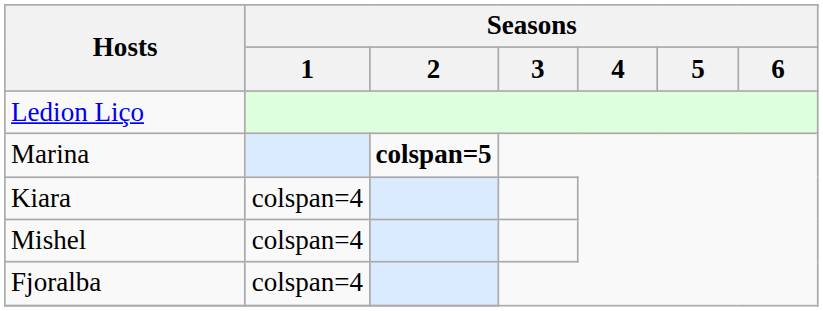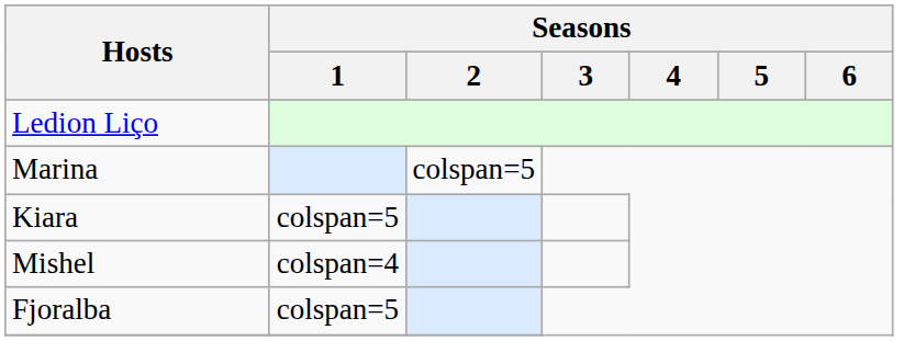 <table class="wikitable" width:"50%">
 <tr>
 <th rowspan="2" width="135">Hosts</th>
 <th colspan="6" style="text-align:center;">Seasons</th>
 </tr>
 <tr>
 <th width="40">1</th>
 <th width="40">2</th>
 <th width="40">3</th>
 <th width="40">4</th>
 <th width="40">5</th>
 <th width="40">6</th>
 </tr>
 <tr>
 <td><a href='#'>Ledion Liço</a></td>
 <td colspan="6" style="text-align:center;background:#ddffdd;"></td>
 </tr>
 <tr>
 <td>Marina</td>
 <td style="text-align:center;background:#DAEBFF;"></td>
-<td><strong>colspan=5 </strong></td>
+<td>colspan=5 </td>
 </tr>
 <tr>
 <td>Kiara</td>
-<td>colspan=4 </td>
+<td>colspan=5 </td>
 <td style="text-align:center;background:#DAEBFF;"></td>
 <td></td>
 </tr>
 <tr>
 <td>Mishel</td>
 <td>colspan=4 </td>
 <td style="text-align:center;background:#DAEBFF;"></td>
 <td></td>
 </tr>
 <tr>
 <td>Fjoralba</td>
-<td>colspan=4 </td>
+<td>colspan=5 </td>
 <td style="text-align:center;background:#DAEBFF;"></td>
 </tr>
 <tr>
 </tr>
 </table>
